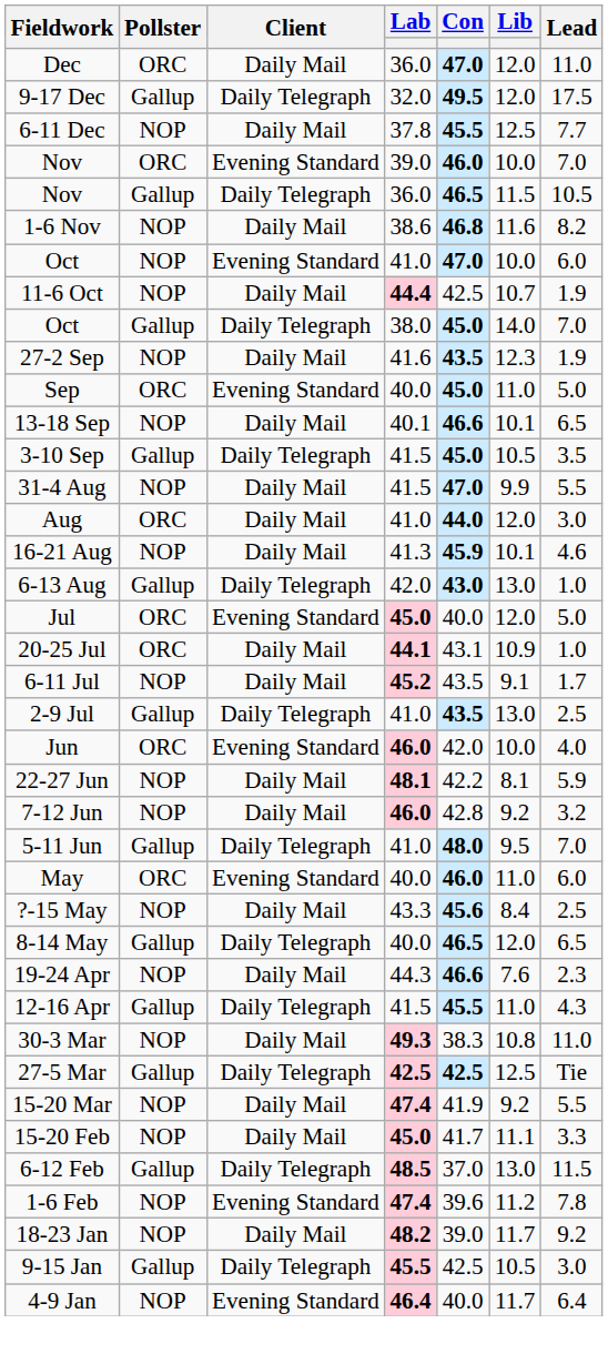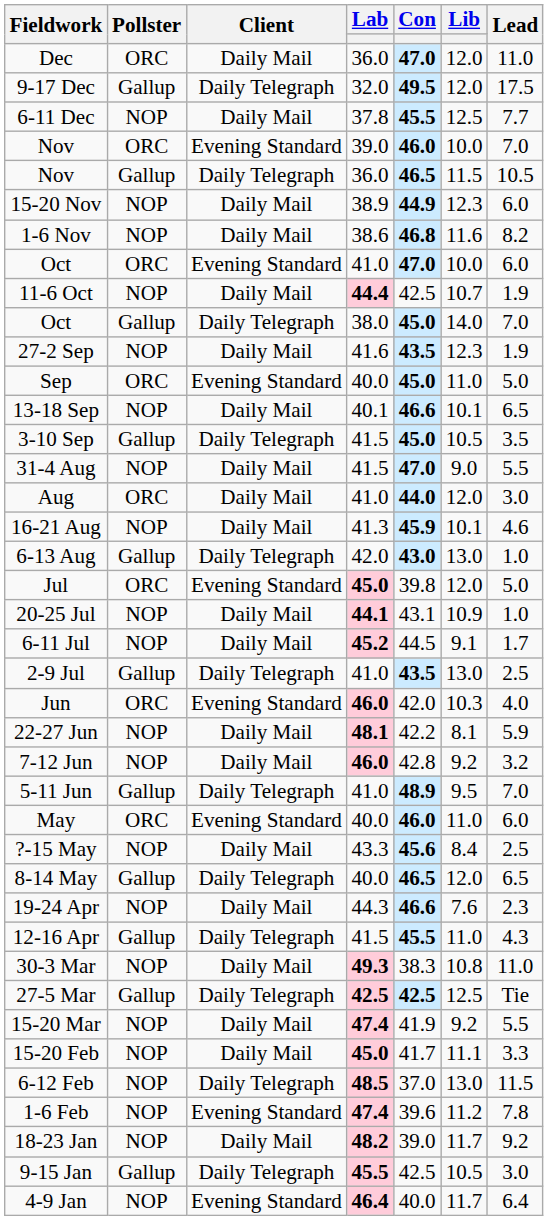 <table class="wikitable sortable mw-datatable" style="text-align: center; line-height: 14px; font-size: 95%;">
 <tr>
 <th rowspan="2">Fieldwork</th>
 <th rowspan="2">Pollster</th>
 <th rowspan="2">Client</th>
 <th><a href='#'>Lab</a></th>
 <th><a href='#'>Con</a></th>
 <th><a href='#'>Lib</a></th>
 <th rowspan="2">Lead</th>
 </tr>
 <tr>
 <th style="background:"></th>
 <th style="background:"></th>
 <th style="background:"></th>
 </tr>
 <tr>
 <td>Dec</td>
 <td>ORC</td>
 <td>Daily Mail</td>
 <td>36.0</td>
 <td style="background:#CCEBFF;"><strong>47.0</strong></td>
 <td>12.0</td>
 <td style="background:">11.0</td>
 </tr>
 <tr>
 <td>9-17 Dec</td>
 <td>Gallup</td>
 <td>Daily Telegraph</td>
 <td>32.0</td>
 <td style="background:#CCEBFF;"><strong>49.5</strong></td>
 <td>12.0</td>
 <td style="background:">17.5</td>
 </tr>
 <tr>
 <td>6-11 Dec</td>
 <td>NOP</td>
 <td>Daily Mail</td>
 <td>37.8</td>
 <td style="background:#CCEBFF;"><strong>45.5</strong></td>
 <td>12.5</td>
 <td style="background:">7.7</td>
 </tr>
 <tr>
 <td>Nov</td>
 <td>ORC</td>
 <td>Evening Standard</td>
 <td>39.0</td>
 <td style="background:#CCEBFF;"><strong>46.0</strong></td>
 <td>10.0</td>
 <td style="background:">7.0</td>
 </tr>
 <tr>
 <td>Nov</td>
 <td>Gallup</td>
 <td>Daily Telegraph</td>
 <td>36.0</td>
 <td style="background:#CCEBFF;"><strong>46.5</strong></td>
 <td>11.5</td>
 <td style="background:">10.5</td>
 </tr>
 <tr>
+<td>15-20 Nov</td>
+<td>NOP</td>
+<td>Daily Mail</td>
+<td>38.9</td>
+<td style="background:#CCEBFF;"><strong>44.9</strong></td>
+<td>12.3</td>
+<td style="background:">6.0</td>
+</tr>
+<tr>
 <td>1-6 Nov</td>
 <td>NOP</td>
 <td>Daily Mail</td>
 <td>38.6</td>
 <td style="background:#CCEBFF;"><strong>46.8</strong></td>
 <td>11.6</td>
 <td style="background:">8.2</td>
 </tr>
 <tr>
 <td>Oct</td>
-<td>NOP</td>
+<td>ORC</td>
 <td>Evening Standard</td>
 <td>41.0</td>
 <td style="background:#CCEBFF;"><strong>47.0</strong></td>
 <td>10.0</td>
 <td style="background:">6.0</td>
 </tr>
 <tr>
 <td>11-6 Oct</td>
 <td>NOP</td>
 <td>Daily Mail</td>
 <td style="background:#FFCCDA;"><strong>44.4</strong></td>
 <td>42.5</td>
 <td>10.7</td>
 <td style="background:">1.9</td>
 </tr>
 <tr>
 <td>Oct</td>
 <td>Gallup</td>
 <td>Daily Telegraph</td>
 <td>38.0</td>
 <td style="background:#CCEBFF;"><strong>45.0</strong></td>
 <td>14.0</td>
 <td style="background:">7.0</td>
 </tr>
 <tr>
 <td>27-2 Sep</td>
 <td>NOP</td>
 <td>Daily Mail</td>
 <td>41.6</td>
 <td style="background:#CCEBFF;"><strong>43.5</strong></td>
 <td>12.3</td>
 <td style="background:">1.9</td>
 </tr>
 <tr>
 <td>Sep</td>
 <td>ORC</td>
 <td>Evening Standard</td>
 <td>40.0</td>
 <td style="background:#CCEBFF;"><strong>45.0</strong></td>
 <td>11.0</td>
 <td style="background:">5.0</td>
 </tr>
 <tr>
 <td>13-18 Sep</td>
 <td>NOP</td>
 <td>Daily Mail</td>
 <td>40.1</td>
 <td style="background:#CCEBFF;"><strong>46.6</strong></td>
 <td>10.1</td>
 <td style="background:">6.5</td>
 </tr>
 <tr>
 <td>3-10 Sep</td>
 <td>Gallup</td>
 <td>Daily Telegraph</td>
 <td>41.5</td>
 <td style="background:#CCEBFF;"><strong>45.0</strong></td>
 <td>10.5</td>
 <td style="background:">3.5</td>
 </tr>
 <tr>
 <td>31-4 Aug</td>
 <td>NOP</td>
 <td>Daily Mail</td>
 <td>41.5</td>
 <td style="background:#CCEBFF;"><strong>47.0</strong></td>
-<td>9.9</td>
+<td>9.0</td>
 <td style="background:">5.5</td>
 </tr>
 <tr>
 <td>Aug</td>
 <td>ORC</td>
 <td>Daily Mail</td>
 <td>41.0</td>
 <td style="background:#CCEBFF;"><strong>44.0</strong></td>
 <td>12.0</td>
 <td style="background:">3.0</td>
 </tr>
 <tr>
 <td>16-21 Aug</td>
 <td>NOP</td>
 <td>Daily Mail</td>
 <td>41.3</td>
 <td style="background:#CCEBFF;"><strong>45.9</strong></td>
 <td>10.1</td>
 <td style="background:">4.6</td>
 </tr>
 <tr>
 <td>6-13 Aug</td>
 <td>Gallup</td>
 <td>Daily Telegraph</td>
 <td>42.0</td>
 <td style="background:#CCEBFF;"><strong>43.0</strong></td>
 <td>13.0</td>
 <td style="background:">1.0</td>
 </tr>
 <tr>
 <td>Jul</td>
 <td>ORC</td>
 <td>Evening Standard</td>
 <td style="background:#FFCCDA;"><strong>45.0</strong></td>
-<td>40.0</td>
+<td>39.8</td>
 <td>12.0</td>
 <td style="background:">5.0</td>
 </tr>
 <tr>
 <td>20-25 Jul</td>
-<td>ORC</td>
+<td>NOP</td>
 <td>Daily Mail</td>
 <td style="background:#FFCCDA;"><strong>44.1</strong></td>
 <td>43.1</td>
 <td>10.9</td>
 <td style="background:">1.0</td>
 </tr>
 <tr>
 <td>6-11 Jul</td>
 <td>NOP</td>
 <td>Daily Mail</td>
 <td style="background:#FFCCDA;"><strong>45.2</strong></td>
-<td>43.5</td>
+<td>44.5</td>
 <td>9.1</td>
 <td style="background:">1.7</td>
 </tr>
 <tr>
 <td>2-9 Jul</td>
 <td>Gallup</td>
 <td>Daily Telegraph</td>
 <td>41.0</td>
 <td style="background:#CCEBFF;"><strong>43.5</strong></td>
 <td>13.0</td>
 <td style="background:">2.5</td>
 </tr>
 <tr>
 <td>Jun</td>
 <td>ORC</td>
 <td>Evening Standard</td>
 <td style="background:#FFCCDA;"><strong>46.0</strong></td>
 <td>42.0</td>
-<td>10.0</td>
+<td>10.3</td>
 <td style="background:">4.0</td>
 </tr>
 <tr>
 <td>22-27 Jun</td>
 <td>NOP</td>
 <td>Daily Mail</td>
 <td style="background:#FFCCDA;"><strong>48.1</strong></td>
 <td>42.2</td>
 <td>8.1</td>
 <td style="background:">5.9</td>
 </tr>
 <tr>
 <td>7-12 Jun</td>
 <td>NOP</td>
 <td>Daily Mail</td>
 <td style="background:#FFCCDA;"><strong>46.0</strong></td>
 <td>42.8</td>
 <td>9.2</td>
 <td style="background:">3.2</td>
 </tr>
 <tr>
 <td>5-11 Jun</td>
 <td>Gallup</td>
 <td>Daily Telegraph</td>
 <td>41.0</td>
-<td style="background:#CCEBFF;"><strong>48.0</strong></td>
+<td style="background:#CCEBFF;"><strong>48.9</strong></td>
 <td>9.5</td>
 <td style="background:">7.0</td>
 </tr>
 <tr>
 <td>May</td>
 <td>ORC</td>
 <td>Evening Standard</td>
 <td>40.0</td>
 <td style="background:#CCEBFF;"><strong>46.0</strong></td>
 <td>11.0</td>
 <td style="background:">6.0</td>
 </tr>
 <tr>
 <td>?-15 May</td>
 <td>NOP</td>
 <td>Daily Mail</td>
 <td>43.3</td>
 <td style="background:#CCEBFF;"><strong>45.6</strong></td>
 <td>8.4</td>
 <td style="background:">2.5</td>
 </tr>
 <tr>
 <td>8-14 May</td>
 <td>Gallup</td>
 <td>Daily Telegraph</td>
 <td>40.0</td>
 <td style="background:#CCEBFF;"><strong>46.5</strong></td>
 <td>12.0</td>
 <td style="background:">6.5</td>
 </tr>
 <tr>
 <td>19-24 Apr</td>
 <td>NOP</td>
 <td>Daily Mail</td>
 <td>44.3</td>
 <td style="background:#CCEBFF;"><strong>46.6</strong></td>
 <td>7.6</td>
 <td style="background:">2.3</td>
 </tr>
 <tr>
 <td>12-16 Apr</td>
 <td>Gallup</td>
 <td>Daily Telegraph</td>
 <td>41.5</td>
 <td style="background:#CCEBFF;"><strong>45.5</strong></td>
 <td>11.0</td>
 <td style="background:">4.3</td>
 </tr>
 <tr>
 <td>30-3 Mar</td>
 <td>NOP</td>
 <td>Daily Mail</td>
 <td style="background:#FFCCDA;"><strong>49.3</strong></td>
 <td>38.3</td>
 <td>10.8</td>
 <td style="background:">11.0</td>
 </tr>
 <tr>
 <td>27-5 Mar</td>
 <td>Gallup</td>
 <td>Daily Telegraph</td>
 <td style="background:#FFCCDA;"><strong>42.5</strong></td>
 <td style="background:#CCEBFF;"><strong>42.5</strong></td>
 <td>12.5</td>
 <td>Tie</td>
 </tr>
 <tr>
 <td>15-20 Mar</td>
 <td>NOP</td>
 <td>Daily Mail</td>
 <td style="background:#FFCCDA;"><strong>47.4</strong></td>
 <td>41.9</td>
 <td>9.2</td>
 <td style="background:">5.5</td>
 </tr>
 <tr>
 <td>15-20 Feb</td>
 <td>NOP</td>
 <td>Daily Mail</td>
 <td style="background:#FFCCDA;"><strong>45.0</strong></td>
 <td>41.7</td>
 <td>11.1</td>
 <td style="background:">3.3</td>
 </tr>
 <tr>
 <td>6-12 Feb</td>
-<td>Gallup</td>
+<td>NOP</td>
 <td>Daily Telegraph</td>
 <td style="background:#FFCCDA;"><strong>48.5</strong></td>
 <td>37.0</td>
 <td>13.0</td>
 <td style="background:">11.5</td>
 </tr>
 <tr>
 <td>1-6 Feb</td>
 <td>NOP</td>
 <td>Evening Standard</td>
 <td style="background:#FFCCDA;"><strong>47.4</strong></td>
 <td>39.6</td>
 <td>11.2</td>
 <td style="background:">7.8</td>
 </tr>
 <tr>
 <td>18-23 Jan</td>
 <td>NOP</td>
 <td>Daily Mail</td>
 <td style="background:#FFCCDA;"><strong>48.2</strong></td>
 <td>39.0</td>
 <td>11.7</td>
 <td style="background:">9.2</td>
 </tr>
 <tr>
 <td>9-15 Jan</td>
 <td>Gallup</td>
 <td>Daily Telegraph</td>
 <td style="background:#FFCCDA;"><strong>45.5</strong></td>
 <td>42.5</td>
 <td>10.5</td>
 <td style="background:">3.0</td>
 </tr>
 <tr>
 <td>4-9 Jan</td>
 <td>NOP</td>
 <td>Evening Standard</td>
 <td style="background:#FFCCDA;"><strong>46.4</strong></td>
 <td>40.0</td>
 <td>11.7</td>
 <td style="background:">6.4</td>
 </tr>
 </table>
